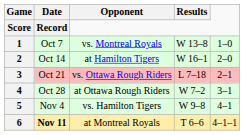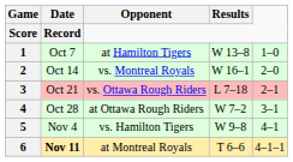 <table class="wikitable" style="text-align:center">
 <tr>
 <th>Game</th>
 <th>Date</th>
 <th>Opponent</th>
 <th>Results</th>
 </tr>
 <tr>
 <th>Score</th>
 <th>Record</th>
 </tr>
 <tr style="background:#ddffdd">
 <th>1</th>
 <td>Oct 7</td>
-<td>vs. <a href='#'>Montreal Royals</a></td>
+<td>at <a href='#'>Hamilton Tigers</a></td>
 <td>W 13–8</td>
 <td>1–0</td>
 </tr>
 <tr style="background:#ddffdd">
 <th>2</th>
 <td>Oct 14</td>
-<td>at <a href='#'>Hamilton Tigers</a></td>
+<td>vs. <a href='#'>Montreal Royals</a></td>
 <td>W 16–1</td>
 <td>2–0</td>
 </tr>
 <tr style="background:#ffbbbb">
 <th>3</th>
 <td>Oct 21</td>
 <td>vs. <a href='#'>Ottawa Rough Riders</a></td>
 <td>L 7–18</td>
 <td>2–1</td>
 </tr>
 <tr style="background:#ddffdd">
 <th>4</th>
 <td>Oct 28</td>
 <td>at Ottawa Rough Riders</td>
 <td>W 7–2</td>
 <td>3–1</td>
 </tr>
 <tr style="background:#ddffdd">
 <th>5</th>
 <td>Nov 4</td>
 <td>vs. Hamilton Tigers</td>
 <td>W 9–8</td>
 <td>4–1</td>
 </tr>
 <tr style="background:#ffeeaa">
 <th>6</th>
 <td><strong>Nov 11</strong></td>
 <td>at Montreal Royals</td>
 <td>T 6–6</td>
 <td>4–1–1</td>
 </tr>
 </table>
